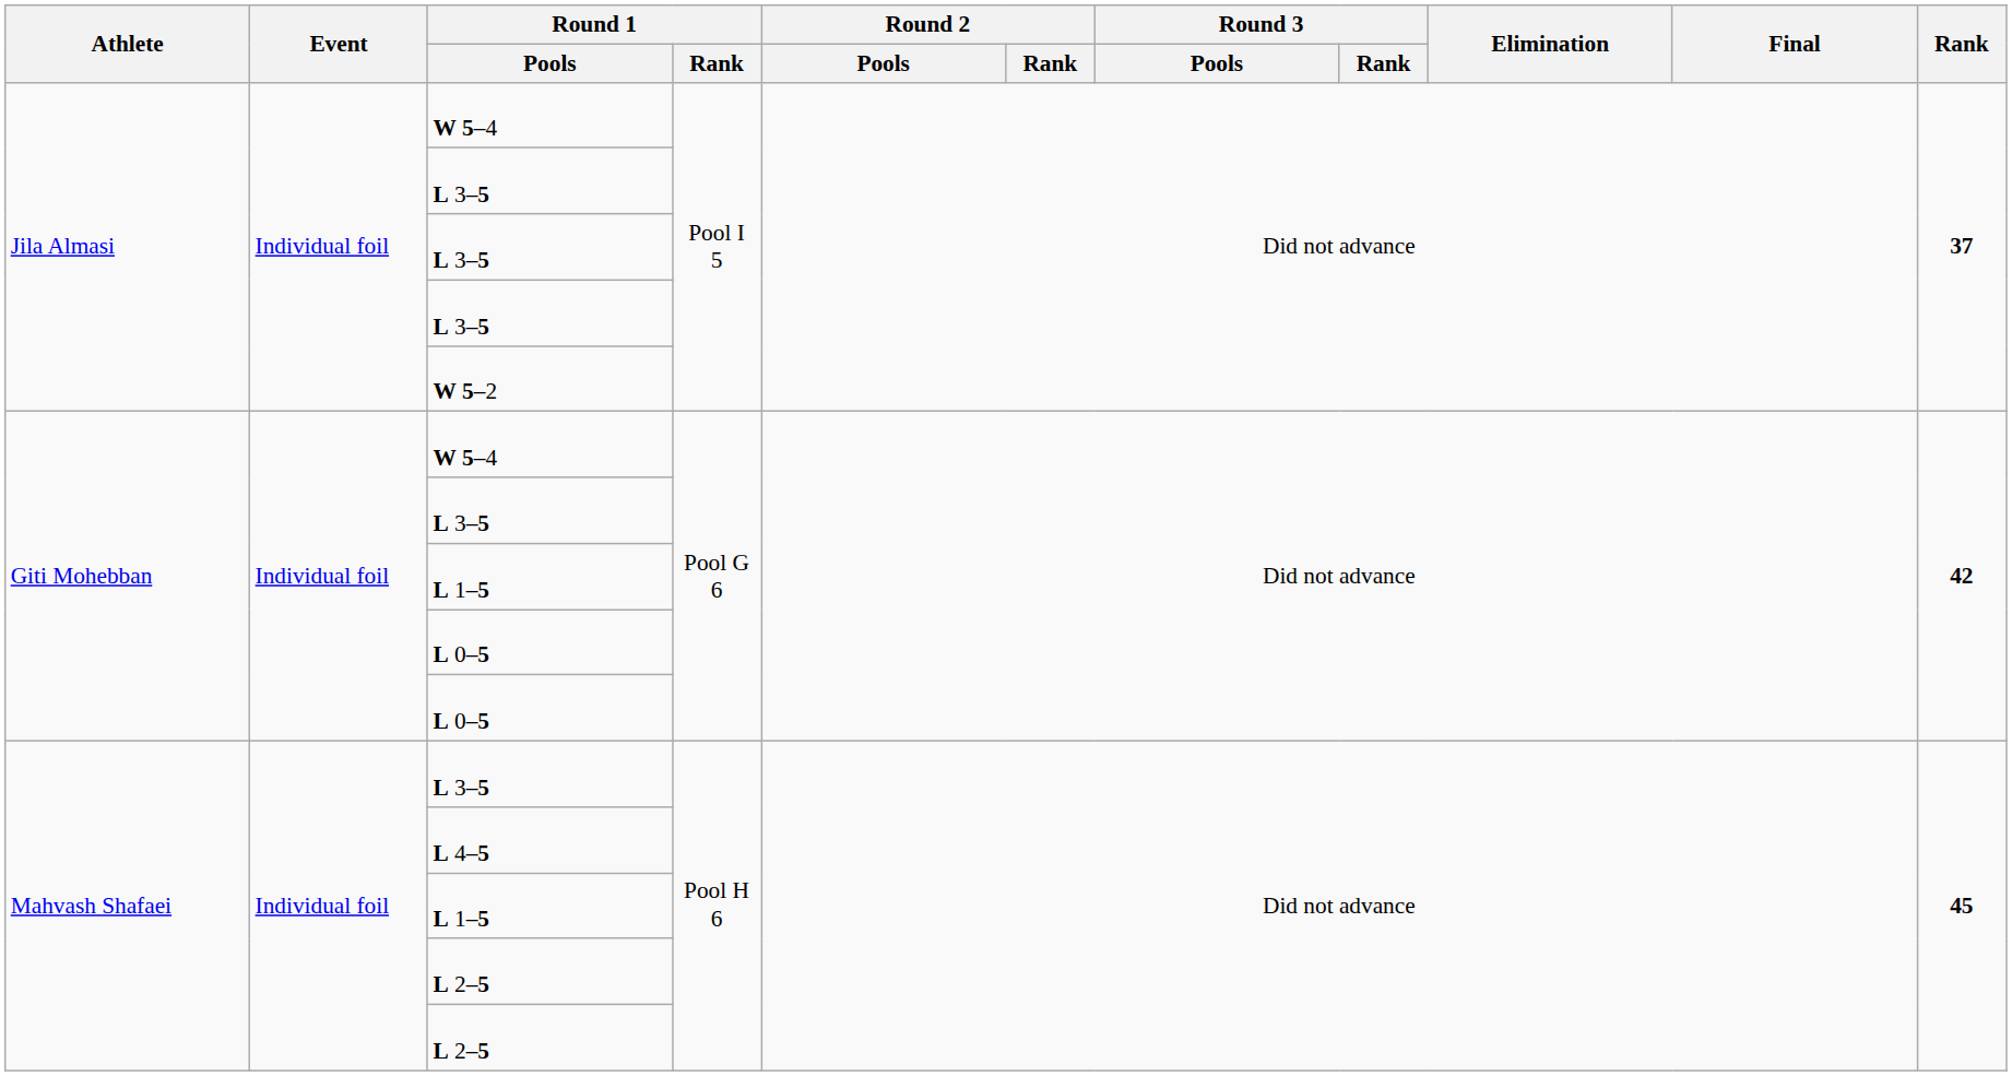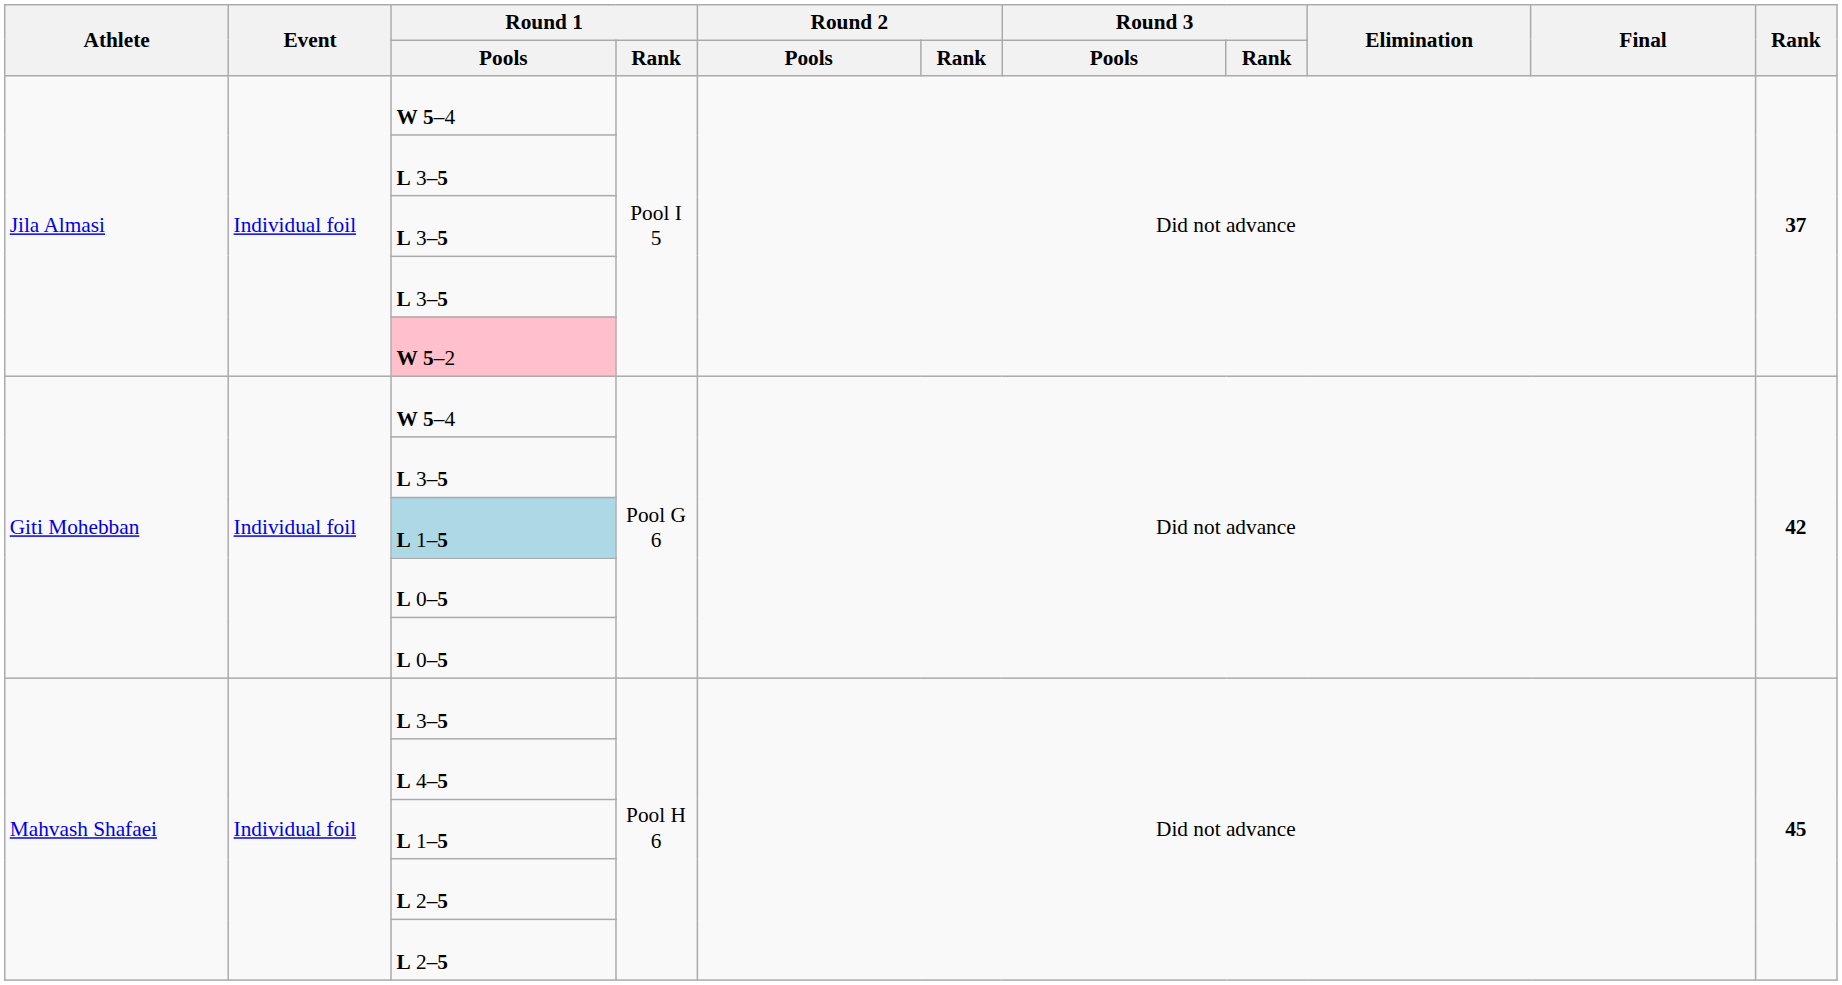 <table class="wikitable" width="98%" style="text-align:left; font-size:90%">
 <tr>
 <th rowspan="2" width="11%">Athlete</th>
 <th rowspan="2" width="8%">Event</th>
 <th colspan="2">Round 1</th>
 <th colspan="2">Round 2</th>
 <th colspan="2">Round 3</th>
 <th rowspan="2" width="11%">Elimination</th>
 <th rowspan="2" width="11%">Final</th>
 <th rowspan="2" width="4%">Rank</th>
 </tr>
 <tr>
 <th width="11%">Pools</th>
 <th width="4%">Rank</th>
 <th width="11%">Pools</th>
 <th width="4%">Rank</th>
 <th width="11%">Pools</th>
 <th width="4%">Rank</th>
 </tr>
 <tr>
 <td rowspan="5"><a href='#'>Jila Almasi</a></td>
 <td rowspan="5"><a href='#'>Individual foil</a></td>
 <td><br><strong>W</strong> <strong>5</strong>–4</td>
 <td rowspan="5" align=center>Pool I<br>5</td>
 <td rowspan="5" colspan=6 align=center>Did not advance</td>
 <td rowspan="5" align="center"><strong>37</strong></td>
 </tr>
 <tr>
 <td><br><strong>L</strong> 3–<strong>5</strong></td>
 </tr>
 <tr>
 <td><br><strong>L</strong> 3–<strong>5</strong></td>
 </tr>
 <tr>
 <td><br><strong>L</strong> 3–<strong>5</strong></td>
 </tr>
 <tr>
-<td><br><strong>W</strong> <strong>5</strong>–2</td>
+<td style="background: pink;"><br><strong>W</strong> <strong>5</strong>–2</td>
 </tr>
 <tr>
 <td rowspan="5"><a href='#'>Giti Mohebban</a></td>
 <td rowspan="5"><a href='#'>Individual foil</a></td>
 <td><br><strong>W</strong> <strong>5</strong>–4</td>
 <td rowspan="5" align=center>Pool G<br>6</td>
 <td rowspan="5" colspan=6 align=center>Did not advance</td>
 <td rowspan="5" align="center"><strong>42</strong></td>
 </tr>
 <tr>
 <td><br><strong>L</strong> 3–<strong>5</strong></td>
 </tr>
 <tr>
-<td><br><strong>L</strong> 1–<strong>5</strong></td>
+<td style="background: lightblue;"><br><strong>L</strong> 1–<strong>5</strong></td>
 </tr>
 <tr>
 <td><br><strong>L</strong> 0–<strong>5</strong></td>
 </tr>
 <tr>
 <td><br><strong>L</strong> 0–<strong>5</strong></td>
 </tr>
 <tr>
 <td rowspan="5"><a href='#'>Mahvash Shafaei</a></td>
 <td rowspan="5"><a href='#'>Individual foil</a></td>
 <td><br><strong>L</strong> 3–<strong>5</strong></td>
 <td rowspan="5" align=center>Pool H<br>6</td>
 <td rowspan="5" colspan=6 align=center>Did not advance</td>
 <td rowspan="5" align="center"><strong>45</strong></td>
 </tr>
 <tr>
 <td><br><strong>L</strong> 4–<strong>5</strong></td>
 </tr>
 <tr>
 <td><br><strong>L</strong> 1–<strong>5</strong></td>
 </tr>
 <tr>
 <td><br><strong>L</strong> 2–<strong>5</strong></td>
 </tr>
 <tr>
 <td><br><strong>L</strong> 2–<strong>5</strong></td>
 </tr>
 </table>
